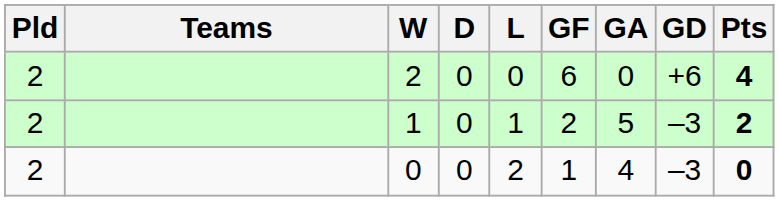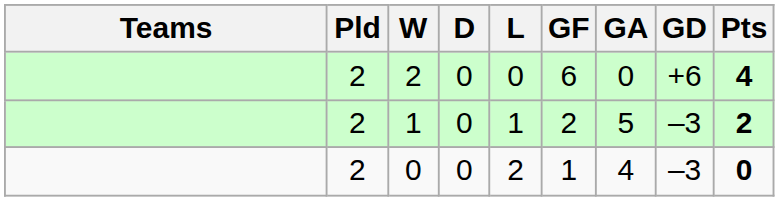 <table class="wikitable" style="text-align: center;">
 <tr>
+<th width=165>Teams</th>
 <th width=20>Pld</th>
-<th width=165>Teams</th>
 <th width=20>W</th>
 <th width=20>D</th>
 <th width=20>L</th>
 <th width=20>GF</th>
 <th width=20>GA</th>
 <th width=20>GD</th>
 <th width=20>Pts</th>
 </tr>
 <tr align=center style="background:#ccffcc;">
+<td style="text-align:left;"></td>
 <td>2</td>
-<td style="text-align:left;"></td>
 <td>2</td>
 <td>0</td>
 <td>0</td>
 <td>6</td>
 <td>0</td>
 <td>+6</td>
 <td><strong>4</strong></td>
 </tr>
 <tr align=center style="background:#ccffcc;">
+<td style="text-align:left;"></td>
 <td>2</td>
-<td style="text-align:left;"></td>
 <td>1</td>
 <td>0</td>
 <td>1</td>
 <td>2</td>
 <td>5</td>
 <td>–3</td>
 <td><strong>2</strong></td>
 </tr>
 <tr align=center>
+<td style="text-align:left;"></td>
 <td>2</td>
-<td style="text-align:left;"></td>
 <td>0</td>
 <td>0</td>
 <td>2</td>
 <td>1</td>
 <td>4</td>
 <td>–3</td>
 <td><strong>0</strong></td>
 </tr>
 </table>
